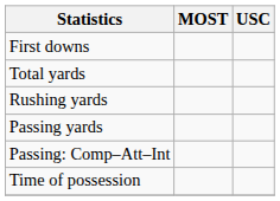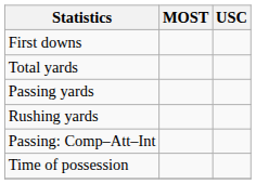 <table class="wikitable" style="float: left;">
 <tr>
 <th>Statistics</th>
 <th>MOST</th>
 <th>USC</th>
 </tr>
 <tr>
 <td>First downs</td>
 <td></td>
 <td></td>
 </tr>
 <tr>
 <td>Total yards</td>
 <td></td>
 <td></td>
 </tr>
 <tr>
-<td>Rushing yards</td>
+<td>Passing yards</td>
 <td></td>
 <td></td>
 </tr>
 <tr>
-<td>Passing yards</td>
+<td>Rushing yards</td>
 <td></td>
 <td></td>
 </tr>
 <tr>
 <td>Passing: Comp–Att–Int</td>
 <td></td>
 <td></td>
 </tr>
 <tr>
 <td>Time of possession</td>
 <td></td>
 <td></td>
 </tr>
 <tr>
 </tr>
 </table>
